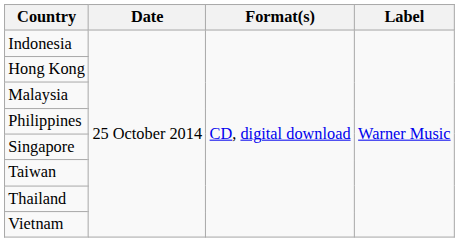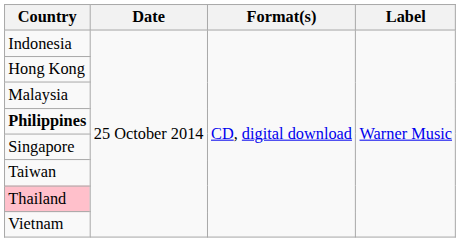 <table class="wikitable plainrowheaders">
 <tr>
 <th scope="col">Country</th>
 <th scope="col">Date</th>
 <th scope="col">Format(s)</th>
 <th scope="col">Label</th>
 </tr>
 <tr>
 <td>Indonesia</td>
 <td rowspan="8">25 October 2014</td>
 <td rowspan="8"><a href='#'>CD</a>, <a href='#'>digital download</a></td>
 <td rowspan="8"><a href='#'>Warner Music</a></td>
 </tr>
 <tr>
 <td>Hong Kong</td>
 </tr>
 <tr>
 <td>Malaysia</td>
 </tr>
 <tr>
-<td>Philippines</td>
+<td><strong>Philippines</strong></td>
 </tr>
 <tr>
 <td>Singapore</td>
 </tr>
 <tr>
 <td>Taiwan</td>
 </tr>
 <tr>
-<td>Thailand</td>
+<td style="background: pink;">Thailand</td>
 </tr>
 <tr>
 <td>Vietnam</td>
 </tr>
 </table>
